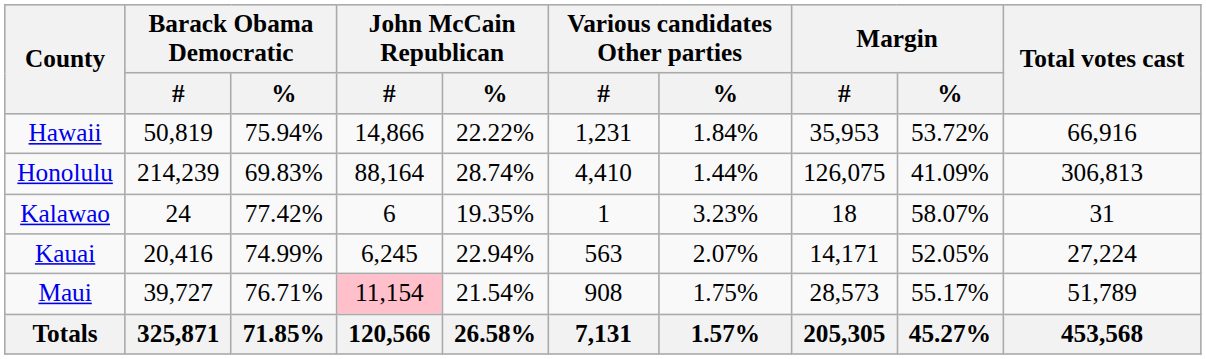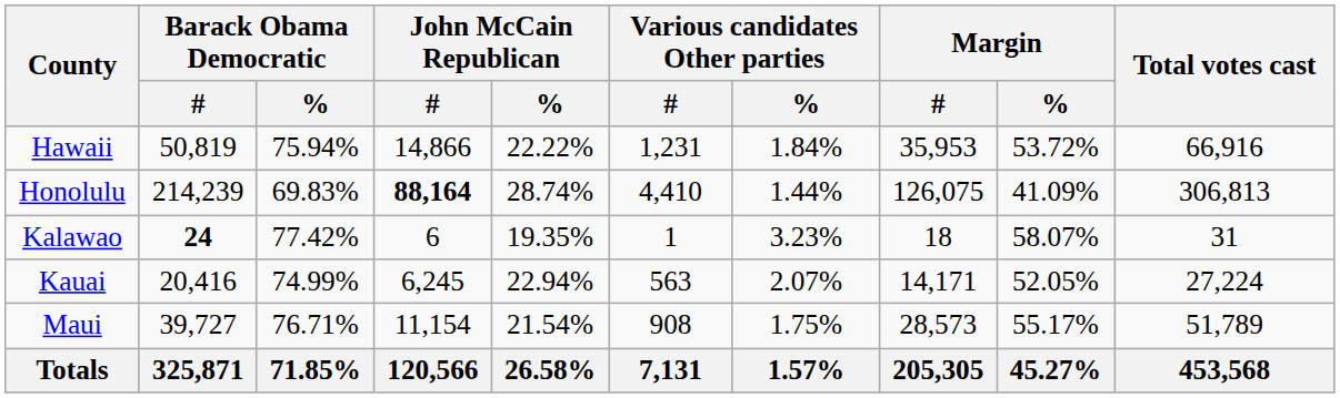 <table width="60%"  class="wikitable sortable" style="text-align:center">
 <tr>
 <th style="text-align:center;" rowspan="2">County</th>
 <th style="text-align:center;" colspan="2">Barack Obama<br>Democratic</th>
 <th style="text-align:center;" colspan="2">John McCain<br>Republican</th>
 <th style="text-align:center;" colspan="2">Various candidates<br>Other parties</th>
 <th style="text-align:center;" colspan="2">Margin</th>
 <th style="text-align:center;" rowspan="2">Total votes cast</th>
 </tr>
 <tr>
 <th style="text-align:center;" data-sort-type="number">#</th>
 <th style="text-align:center;" data-sort-type="number">%</th>
 <th style="text-align:center;" data-sort-type="number">#</th>
 <th style="text-align:center;" data-sort-type="number">%</th>
 <th style="text-align:center;" data-sort-type="number">#</th>
 <th style="text-align:center;" data-sort-type="number">%</th>
 <th style="text-align:center;" data-sort-type="number">#</th>
 <th style="text-align:center;" data-sort-type="number">%</th>
 </tr>
 <tr style="text-align:center;">
 <td><a href='#'>Hawaii</a></td>
 <td>50,819</td>
 <td>75.94%</td>
 <td>14,866</td>
 <td>22.22%</td>
 <td>1,231</td>
 <td>1.84%</td>
 <td>35,953</td>
 <td>53.72%</td>
 <td>66,916</td>
 </tr>
 <tr style="text-align:center;">
 <td><a href='#'>Honolulu</a></td>
 <td>214,239</td>
 <td>69.83%</td>
-<td>88,164</td>
+<td><strong>88,164</strong></td>
 <td>28.74%</td>
 <td>4,410</td>
 <td>1.44%</td>
 <td>126,075</td>
 <td>41.09%</td>
 <td>306,813</td>
 </tr>
 <tr style="text-align:center;">
 <td><a href='#'>Kalawao</a></td>
-<td>24</td>
+<td><strong>24</strong></td>
 <td>77.42%</td>
 <td>6</td>
 <td>19.35%</td>
 <td>1</td>
 <td>3.23%</td>
 <td>18</td>
 <td>58.07%</td>
 <td>31</td>
 </tr>
 <tr style="text-align:center;">
 <td><a href='#'>Kauai</a></td>
 <td>20,416</td>
 <td>74.99%</td>
 <td>6,245</td>
 <td>22.94%</td>
 <td>563</td>
 <td>2.07%</td>
 <td>14,171</td>
 <td>52.05%</td>
 <td>27,224</td>
 </tr>
 <tr style="text-align:center;">
 <td><a href='#'>Maui</a></td>
 <td>39,727</td>
 <td>76.71%</td>
-<td style="background: pink;">11,154</td>
+<td>11,154</td>
 <td>21.54%</td>
 <td>908</td>
 <td>1.75%</td>
 <td>28,573</td>
 <td>55.17%</td>
 <td>51,789</td>
 </tr>
 <tr>
 <th>Totals</th>
 <th>325,871</th>
 <th>71.85%</th>
 <th>120,566</th>
 <th>26.58%</th>
 <th>7,131</th>
 <th>1.57%</th>
 <th>205,305</th>
 <th>45.27%</th>
 <th>453,568</th>
 </tr>
 </table>
